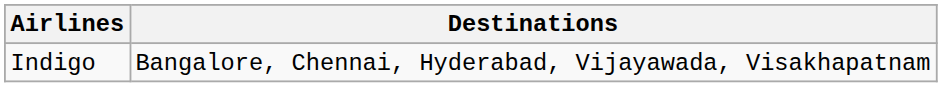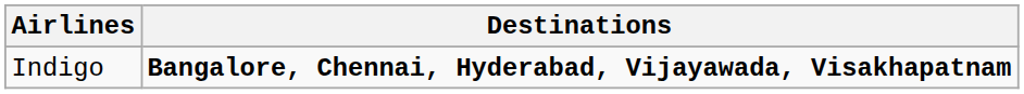 <table class="wikitable">
 <tr>
 <th>Airlines</th>
 <th>Destinations</th>
 </tr>
 <tr>
 <td>Indigo</td>
-<td>Bangalore, Chennai, Hyderabad, Vijayawada, Visakhapatnam</td>
+<td><strong>Bangalore, Chennai, Hyderabad, Vijayawada, Visakhapatnam</strong></td>
 </tr>
 </table>
